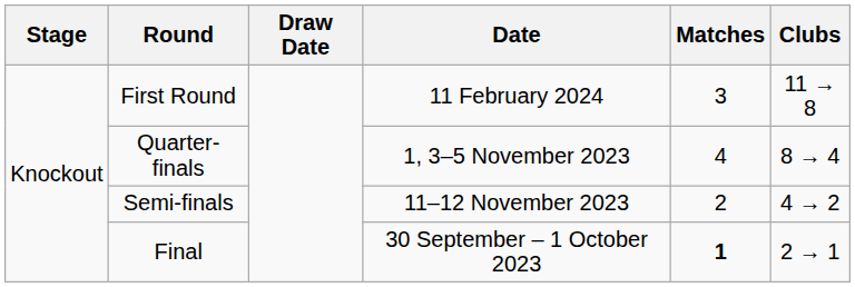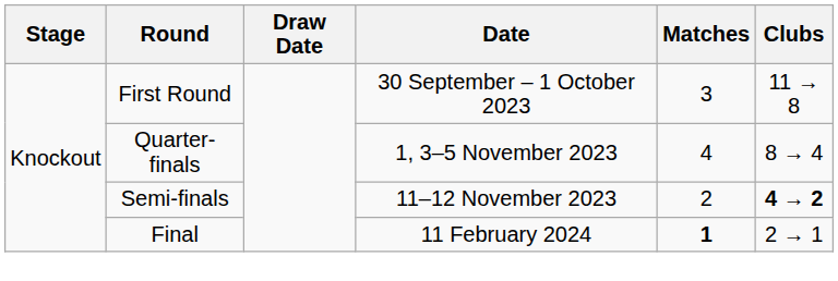 <table class="wikitable" border="1">
 <tr>
 <th>Stage</th>
 <th>Round</th>
 <th>Draw Date</th>
 <th>Date</th>
 <th>Matches</th>
 <th>Clubs</th>
 </tr>
 <tr align="center">
 <td rowspan=4>Knockout</td>
 <td>First Round</td>
 <td rowspan=4></td>
-<td>11 February 2024</td>
+<td>30 September – 1 October 2023</td>
 <td>3</td>
 <td>11 → 8</td>
 </tr>
 <tr align="center">
 <td>Quarter-finals</td>
 <td>1, 3–5 November 2023</td>
 <td>4</td>
 <td>8 → 4</td>
 </tr>
 <tr align="center">
 <td>Semi-finals</td>
 <td>11–12 November 2023</td>
 <td>2</td>
-<td>4 → 2</td>
+<td><strong>4 → 2</strong></td>
 </tr>
 <tr align="center">
 <td>Final</td>
-<td>30 September – 1 October 2023</td>
+<td>11 February 2024</td>
 <td><strong>1</strong></td>
 <td>2 → 1</td>
 </tr>
 </table>
